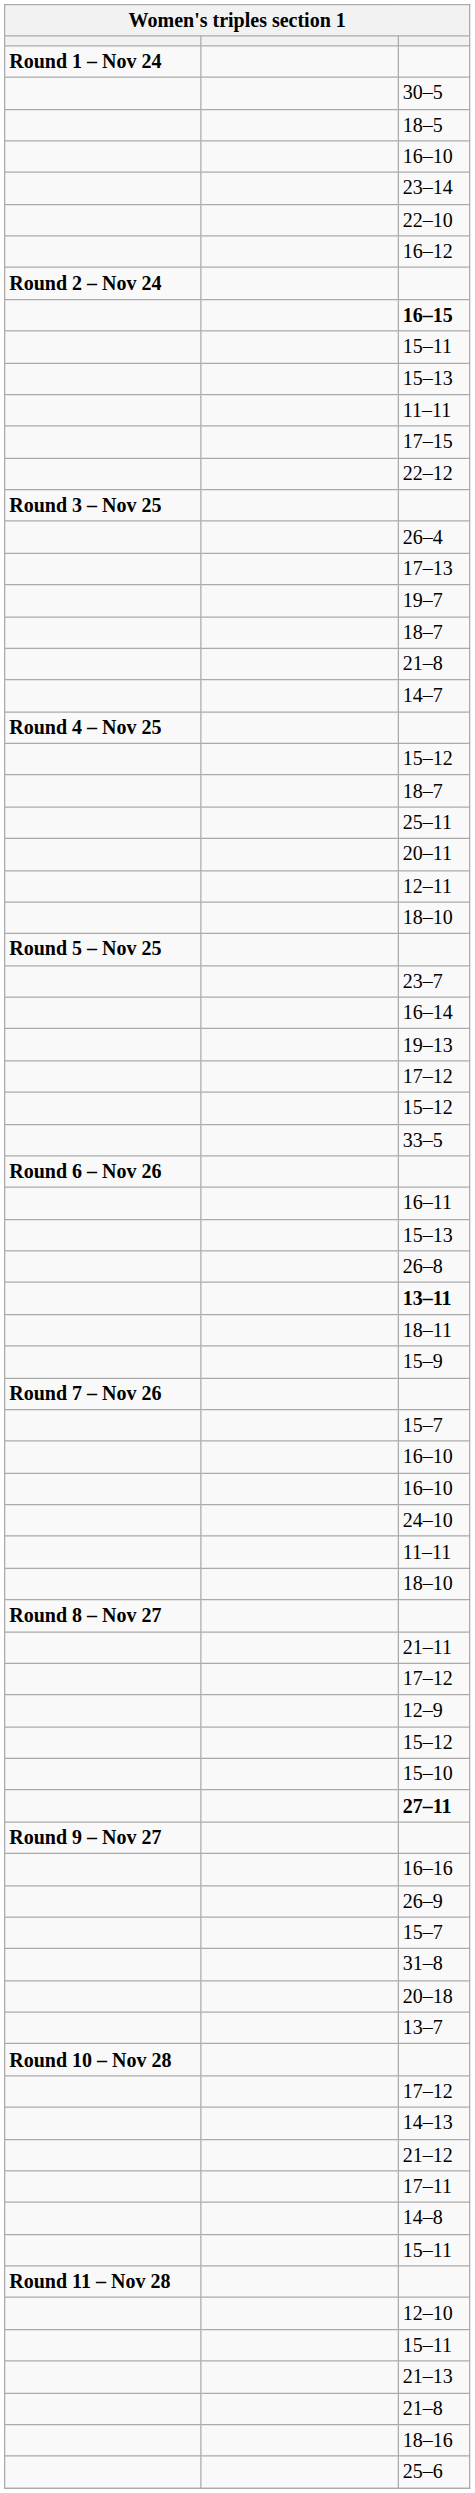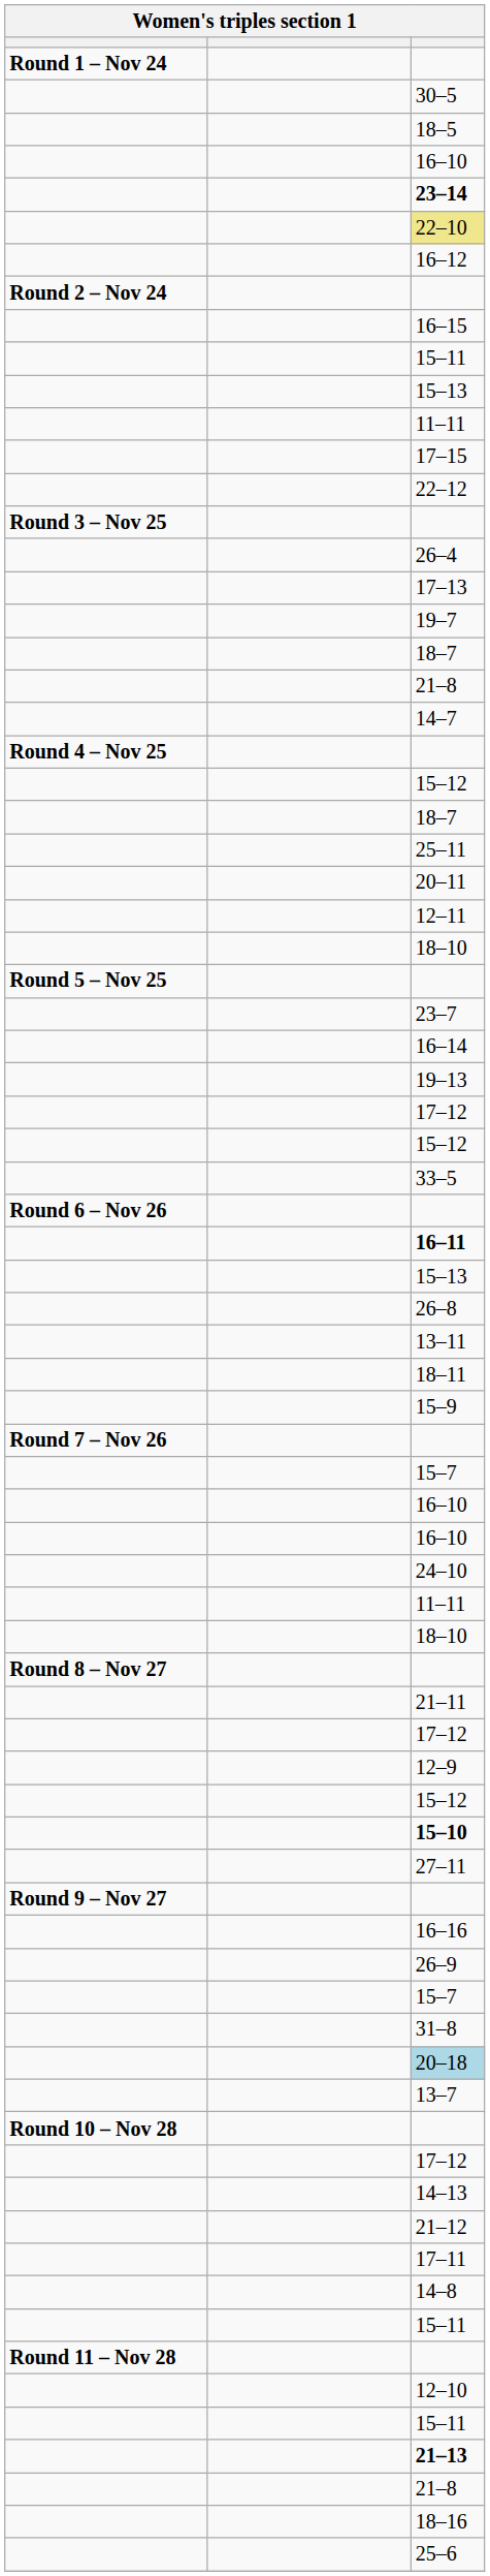 <table class="wikitable">
 <tr>
 <th colspan="3">Women's triples section 1</th>
 </tr>
 <tr>
 <th width=150></th>
 <th width=150></th>
 <th width=50></th>
 </tr>
 <tr>
 <td><strong>Round 1 – Nov 24</strong></td>
 <td></td>
 <td></td>
 </tr>
 <tr>
 <td></td>
 <td></td>
 <td>30–5</td>
 </tr>
 <tr>
 <td></td>
 <td></td>
 <td>18–5</td>
 </tr>
 <tr>
 <td></td>
 <td></td>
 <td>16–10</td>
 </tr>
 <tr>
 <td></td>
 <td></td>
-<td>23–14</td>
+<td><strong>23–14</strong></td>
 </tr>
 <tr>
 <td></td>
 <td></td>
-<td>22–10</td>
+<td style="background: khaki;">22–10</td>
 </tr>
 <tr>
 <td></td>
 <td></td>
 <td>16–12</td>
 </tr>
 <tr>
 <td><strong>Round 2 – Nov 24</strong></td>
 <td></td>
 <td></td>
 </tr>
 <tr>
 <td></td>
 <td></td>
-<td><strong>16–15</strong></td>
+<td>16–15</td>
 </tr>
 <tr>
 <td></td>
 <td></td>
 <td>15–11</td>
 </tr>
 <tr>
 <td></td>
 <td></td>
 <td>15–13</td>
 </tr>
 <tr>
 <td></td>
 <td></td>
 <td>11–11</td>
 </tr>
 <tr>
 <td></td>
 <td></td>
 <td>17–15</td>
 </tr>
 <tr>
 <td></td>
 <td></td>
 <td>22–12</td>
 </tr>
 <tr>
 <td><strong>Round 3 – Nov 25</strong></td>
 <td></td>
 <td></td>
 </tr>
 <tr>
 <td></td>
 <td></td>
 <td>26–4</td>
 </tr>
 <tr>
 <td></td>
 <td></td>
 <td>17–13</td>
 </tr>
 <tr>
 <td></td>
 <td></td>
 <td>19–7</td>
 </tr>
 <tr>
 <td></td>
 <td></td>
 <td>18–7</td>
 </tr>
 <tr>
 <td></td>
 <td></td>
 <td>21–8</td>
 </tr>
 <tr>
 <td></td>
 <td></td>
 <td>14–7</td>
 </tr>
 <tr>
 <td><strong>Round 4 – Nov 25</strong></td>
 <td></td>
 <td></td>
 </tr>
 <tr>
 <td></td>
 <td></td>
 <td>15–12</td>
 </tr>
 <tr>
 <td></td>
 <td></td>
 <td>18–7</td>
 </tr>
 <tr>
 <td></td>
 <td></td>
 <td>25–11</td>
 </tr>
 <tr>
 <td></td>
 <td></td>
 <td>20–11</td>
 </tr>
 <tr>
 <td></td>
 <td></td>
 <td>12–11</td>
 </tr>
 <tr>
 <td></td>
 <td></td>
 <td>18–10</td>
 </tr>
 <tr>
 <td><strong>Round 5 – Nov 25</strong></td>
 <td></td>
 <td></td>
 </tr>
 <tr>
 <td></td>
 <td></td>
 <td>23–7</td>
 </tr>
 <tr>
 <td></td>
 <td></td>
 <td>16–14</td>
 </tr>
 <tr>
 <td></td>
 <td></td>
 <td>19–13</td>
 </tr>
 <tr>
 <td></td>
 <td></td>
 <td>17–12</td>
 </tr>
 <tr>
 <td></td>
 <td></td>
 <td>15–12</td>
 </tr>
 <tr>
 <td></td>
 <td></td>
 <td>33–5</td>
 </tr>
 <tr>
 <td><strong>Round 6  – Nov 26 </strong></td>
 <td></td>
 <td></td>
 </tr>
 <tr>
 <td></td>
 <td></td>
-<td>16–11</td>
+<td><strong>16–11</strong></td>
 </tr>
 <tr>
 <td></td>
 <td></td>
 <td>15–13</td>
 </tr>
 <tr>
 <td></td>
 <td></td>
 <td>26–8</td>
 </tr>
 <tr>
 <td></td>
 <td></td>
-<td><strong>13–11</strong></td>
+<td>13–11</td>
 </tr>
 <tr>
 <td></td>
 <td></td>
 <td>18–11</td>
 </tr>
 <tr>
 <td></td>
 <td></td>
 <td>15–9</td>
 </tr>
 <tr>
 <td><strong>Round 7 – Nov 26 </strong></td>
 <td></td>
 <td></td>
 </tr>
 <tr>
 <td></td>
 <td></td>
 <td>15–7</td>
 </tr>
 <tr>
 <td></td>
 <td></td>
 <td>16–10</td>
 </tr>
 <tr>
 <td></td>
 <td></td>
 <td>16–10</td>
 </tr>
 <tr>
 <td></td>
 <td></td>
 <td>24–10</td>
 </tr>
 <tr>
 <td></td>
 <td></td>
 <td>11–11</td>
 </tr>
 <tr>
 <td></td>
 <td></td>
 <td>18–10</td>
 </tr>
 <tr>
 <td><strong>Round 8 – Nov 27</strong></td>
 <td></td>
 <td></td>
 </tr>
 <tr>
 <td></td>
 <td></td>
 <td>21–11</td>
 </tr>
 <tr>
 <td></td>
 <td></td>
 <td>17–12</td>
 </tr>
 <tr>
 <td></td>
 <td></td>
 <td>12–9</td>
 </tr>
 <tr>
 <td></td>
 <td></td>
 <td>15–12</td>
 </tr>
 <tr>
 <td></td>
 <td></td>
-<td>15–10</td>
+<td><strong>15–10</strong></td>
 </tr>
 <tr>
 <td></td>
 <td></td>
-<td><strong>27–11</strong></td>
+<td>27–11</td>
 </tr>
 <tr>
 <td><strong>Round 9 – Nov 27</strong></td>
 <td></td>
 <td></td>
 </tr>
 <tr>
 <td></td>
 <td></td>
 <td>16–16</td>
 </tr>
 <tr>
 <td></td>
 <td></td>
 <td>26–9</td>
 </tr>
 <tr>
 <td></td>
 <td></td>
 <td>15–7</td>
 </tr>
 <tr>
 <td></td>
 <td></td>
 <td>31–8</td>
 </tr>
 <tr>
 <td></td>
 <td></td>
-<td>20–18</td>
+<td style="background: lightblue;">20–18</td>
 </tr>
 <tr>
 <td></td>
 <td></td>
 <td>13–7</td>
 </tr>
 <tr>
 <td><strong>Round 10 – Nov 28</strong></td>
 <td></td>
 <td></td>
 </tr>
 <tr>
 <td></td>
 <td></td>
 <td>17–12</td>
 </tr>
 <tr>
 <td></td>
 <td></td>
 <td>14–13</td>
 </tr>
 <tr>
 <td></td>
 <td></td>
 <td>21–12</td>
 </tr>
 <tr>
 <td></td>
 <td></td>
 <td>17–11</td>
 </tr>
 <tr>
 <td></td>
 <td></td>
 <td>14–8</td>
 </tr>
 <tr>
 <td></td>
 <td></td>
 <td>15–11</td>
 </tr>
 <tr>
 <td><strong>Round 11 – Nov 28</strong></td>
 <td></td>
 <td></td>
 </tr>
 <tr>
 <td></td>
 <td></td>
 <td>12–10</td>
 </tr>
 <tr>
 <td></td>
 <td></td>
 <td>15–11</td>
 </tr>
 <tr>
 <td></td>
 <td></td>
-<td>21–13</td>
+<td><strong>21–13</strong></td>
 </tr>
 <tr>
 <td></td>
 <td></td>
 <td>21–8</td>
 </tr>
 <tr>
 <td></td>
 <td></td>
 <td>18–16</td>
 </tr>
 <tr>
 <td></td>
 <td></td>
 <td>25–6</td>
 </tr>
 <tr>
 </tr>
 </table>
